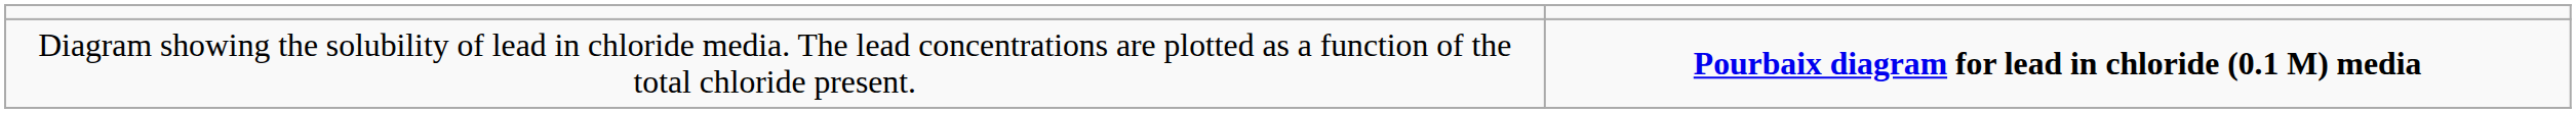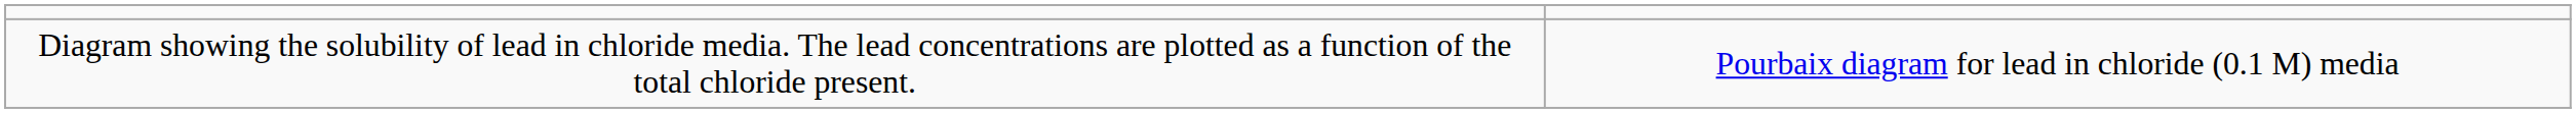 <table class="wikitable" style="margin:1em auto; text-align:center">
 <tr>
 <td style="width:60%;"></td>
 <td style="width:40%;"></td>
 </tr>
 <tr>
 <td>Diagram showing the solubility of lead in chloride media. The lead concentrations are plotted as a function of the total chloride present.</td>
-<td><strong><a href='#'>Pourbaix diagram</a> for lead in chloride (0.1 M) media</strong></td>
+<td><a href='#'>Pourbaix diagram</a> for lead in chloride (0.1 M) media</td>
 </tr>
 </table>
